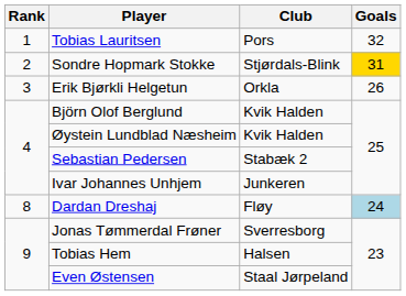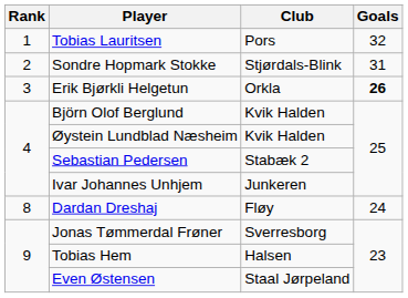 <table class="wikitable" style="text-align:center">
 <tr>
 <th>Rank</th>
 <th>Player</th>
 <th>Club</th>
 <th>Goals</th>
 </tr>
 <tr>
 <td rowspan="1">1</td>
 <td align="left"> <a href='#'>Tobias Lauritsen</a></td>
 <td align="left">Pors</td>
 <td rowspan="1">32</td>
 </tr>
 <tr>
 <td rowspan="1">2</td>
 <td align="left"> Sondre Hopmark Stokke</td>
 <td align="left">Stjørdals-Blink</td>
-<td rowspan="1" style="background: gold;">31</td>
+<td rowspan="1">31</td>
 </tr>
 <tr>
 <td rowspan="1">3</td>
 <td align="left"> Erik Bjørkli Helgetun</td>
 <td align="left">Orkla</td>
-<td rowspan="1">26</td>
+<td rowspan="1"><strong>26</strong></td>
 </tr>
 <tr>
 <td rowspan="4">4</td>
 <td align="left"> Björn Olof Berglund</td>
 <td align="left">Kvik Halden</td>
 <td rowspan="4">25</td>
 </tr>
 <tr>
 <td align="left"> Øystein Lundblad Næsheim</td>
 <td align="left">Kvik Halden</td>
 </tr>
 <tr>
 <td align="left"> <a href='#'>Sebastian Pedersen</a></td>
 <td align="left">Stabæk 2</td>
 </tr>
 <tr>
 <td align="left"> Ivar Johannes Unhjem</td>
 <td align="left">Junkeren</td>
 </tr>
 <tr>
 <td rowspan="1">8</td>
 <td align="left"> <a href='#'>Dardan Dreshaj</a></td>
 <td align="left">Fløy</td>
-<td rowspan="1" style="background: lightblue;">24</td>
+<td rowspan="1">24</td>
 </tr>
 <tr>
 <td rowspan="3">9</td>
 <td align="left"> Jonas Tømmerdal Frøner</td>
 <td align="left">Sverresborg</td>
 <td rowspan="3">23</td>
 </tr>
 <tr>
 <td align="left"> Tobias Hem</td>
 <td align="left">Halsen</td>
 </tr>
 <tr>
 <td align="left"> <a href='#'>Even Østensen</a></td>
 <td align="left">Staal Jørpeland</td>
 </tr>
 </table>
